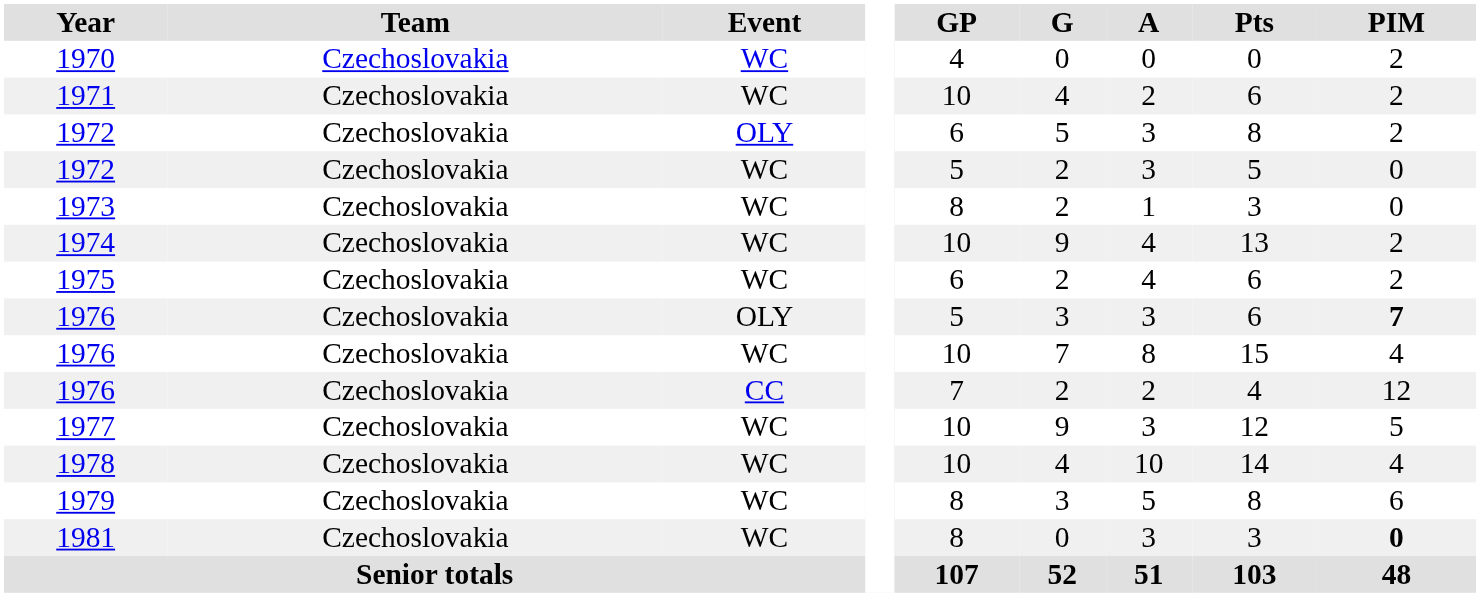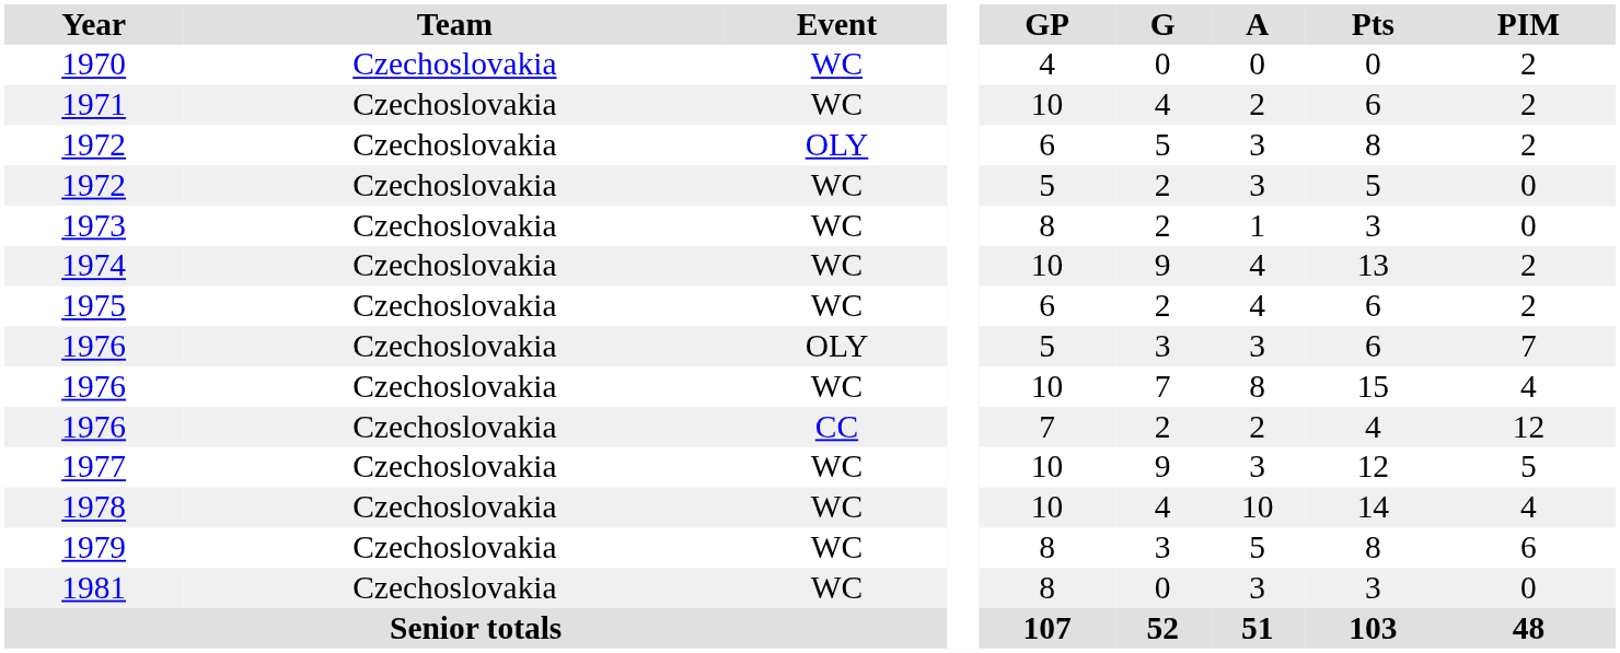 <table border="0" cellpadding="1" cellspacing="0" style="text-align:center; width:50em">
 <tr ALIGN="center" bgcolor="#e0e0e0">
 <th>Year</th>
 <th>Team</th>
 <th>Event</th>
 <th rowspan="99" bgcolor="#ffffff"> </th>
 <th>GP</th>
 <th>G</th>
 <th>A</th>
 <th>Pts</th>
 <th>PIM</th>
 </tr>
 <tr>
 <td><a href='#'>1970</a></td>
 <td><a href='#'>Czechoslovakia</a></td>
 <td><a href='#'>WC</a></td>
 <td>4</td>
 <td>0</td>
 <td>0</td>
 <td>0</td>
 <td>2</td>
 </tr>
 <tr bgcolor="#f0f0f0">
 <td><a href='#'>1971</a></td>
 <td>Czechoslovakia</td>
 <td>WC</td>
 <td>10</td>
 <td>4</td>
 <td>2</td>
 <td>6</td>
 <td>2</td>
 </tr>
 <tr>
 <td><a href='#'>1972</a></td>
 <td>Czechoslovakia</td>
 <td><a href='#'>OLY</a></td>
 <td>6</td>
 <td>5</td>
 <td>3</td>
 <td>8</td>
 <td>2</td>
 </tr>
 <tr bgcolor="#f0f0f0">
 <td><a href='#'>1972</a></td>
 <td>Czechoslovakia</td>
 <td>WC</td>
 <td>5</td>
 <td>2</td>
 <td>3</td>
 <td>5</td>
 <td>0</td>
 </tr>
 <tr>
 <td><a href='#'>1973</a></td>
 <td>Czechoslovakia</td>
 <td>WC</td>
 <td>8</td>
 <td>2</td>
 <td>1</td>
 <td>3</td>
 <td>0</td>
 </tr>
 <tr bgcolor="#f0f0f0">
 <td><a href='#'>1974</a></td>
 <td>Czechoslovakia</td>
 <td>WC</td>
 <td>10</td>
 <td>9</td>
 <td>4</td>
 <td>13</td>
 <td>2</td>
 </tr>
 <tr>
 <td><a href='#'>1975</a></td>
 <td>Czechoslovakia</td>
 <td>WC</td>
 <td>6</td>
 <td>2</td>
 <td>4</td>
 <td>6</td>
 <td>2</td>
 </tr>
 <tr bgcolor="#f0f0f0">
 <td><a href='#'>1976</a></td>
 <td>Czechoslovakia</td>
 <td>OLY</td>
 <td>5</td>
 <td>3</td>
 <td>3</td>
 <td>6</td>
-<td><strong>7</strong></td>
+<td>7</td>
 </tr>
 <tr>
 <td><a href='#'>1976</a></td>
 <td>Czechoslovakia</td>
 <td>WC</td>
 <td>10</td>
 <td>7</td>
 <td>8</td>
 <td>15</td>
 <td>4</td>
 </tr>
 <tr bgcolor="#f0f0f0">
 <td><a href='#'>1976</a></td>
 <td>Czechoslovakia</td>
 <td><a href='#'>CC</a></td>
 <td>7</td>
 <td>2</td>
 <td>2</td>
 <td>4</td>
 <td>12</td>
 </tr>
 <tr>
 <td><a href='#'>1977</a></td>
 <td>Czechoslovakia</td>
 <td>WC</td>
 <td>10</td>
 <td>9</td>
 <td>3</td>
 <td>12</td>
 <td>5</td>
 </tr>
 <tr bgcolor="#f0f0f0">
 <td><a href='#'>1978</a></td>
 <td>Czechoslovakia</td>
 <td>WC</td>
 <td>10</td>
 <td>4</td>
 <td>10</td>
 <td>14</td>
 <td>4</td>
 </tr>
 <tr>
 <td><a href='#'>1979</a></td>
 <td>Czechoslovakia</td>
 <td>WC</td>
 <td>8</td>
 <td>3</td>
 <td>5</td>
 <td>8</td>
 <td>6</td>
 </tr>
 <tr bgcolor="#f0f0f0">
 <td><a href='#'>1981</a></td>
 <td>Czechoslovakia</td>
 <td>WC</td>
 <td>8</td>
 <td>0</td>
 <td>3</td>
 <td>3</td>
-<td><strong>0</strong></td>
+<td>0</td>
 </tr>
 <tr bgcolor="#e0e0e0">
 <th colspan=3>Senior totals</th>
 <th>107</th>
 <th>52</th>
 <th>51</th>
 <th>103</th>
 <th>48</th>
 </tr>
 </table>
